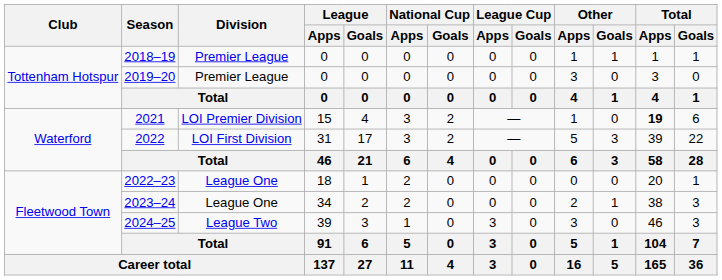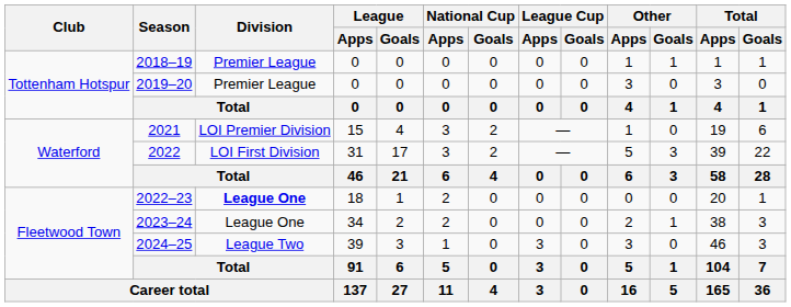 <table class="wikitable" style="text-align:center">
 <tr>
 <th rowspan="2">Club</th>
 <th rowspan="2">Season</th>
 <th rowspan="2">Division</th>
 <th colspan="2">League</th>
 <th colspan="2">National Cup</th>
 <th colspan="2">League Cup</th>
 <th colspan="2">Other</th>
 <th colspan="2">Total</th>
 </tr>
 <tr>
 <th>Apps</th>
 <th>Goals</th>
 <th>Apps</th>
 <th>Goals</th>
 <th>Apps</th>
 <th>Goals</th>
 <th>Apps</th>
 <th>Goals</th>
 <th>Apps</th>
 <th>Goals</th>
 </tr>
 <tr>
 <td rowspan="3"><a href='#'>Tottenham Hotspur</a></td>
 <td><a href='#'>2018–19</a></td>
 <td><a href='#'>Premier League</a></td>
 <td>0</td>
 <td>0</td>
 <td>0</td>
 <td>0</td>
 <td>0</td>
 <td>0</td>
 <td>1</td>
 <td>1</td>
 <td>1</td>
 <td>1</td>
 </tr>
 <tr>
 <td><a href='#'>2019–20</a></td>
 <td>Premier League</td>
 <td>0</td>
 <td>0</td>
 <td>0</td>
 <td>0</td>
 <td>0</td>
 <td>0</td>
 <td>3</td>
 <td>0</td>
 <td>3</td>
 <td>0</td>
 </tr>
 <tr>
 <th colspan="2">Total</th>
 <th>0</th>
 <th>0</th>
 <th>0</th>
 <th>0</th>
 <th>0</th>
 <th>0</th>
 <th>4</th>
 <th>1</th>
 <th>4</th>
 <th>1</th>
 </tr>
 <tr>
 <td rowspan="3"><a href='#'>Waterford</a></td>
 <td><a href='#'>2021</a></td>
 <td><a href='#'>LOI Premier Division</a></td>
 <td>15</td>
 <td>4</td>
 <td>3</td>
 <td>2</td>
 <td colspan="2">—</td>
 <td>1</td>
 <td>0</td>
-<td><strong>19</strong></td>
+<td>19</td>
 <td>6</td>
 </tr>
 <tr>
 <td><a href='#'>2022</a></td>
 <td><a href='#'>LOI First Division</a></td>
 <td>31</td>
 <td>17</td>
 <td>3</td>
 <td>2</td>
 <td colspan="2">—</td>
 <td>5</td>
 <td>3</td>
 <td>39</td>
 <td>22</td>
 </tr>
 <tr>
 <th colspan="2">Total</th>
 <th>46</th>
 <th>21</th>
 <th>6</th>
 <th>4</th>
 <th>0</th>
 <th>0</th>
 <th>6</th>
 <th>3</th>
 <th>58</th>
 <th>28</th>
 </tr>
 <tr>
 <td rowspan="4"><a href='#'>Fleetwood Town</a></td>
 <td><a href='#'>2022–23</a></td>
-<td><a href='#'>League One</a></td>
+<td><strong><a href='#'>League One</a></strong></td>
 <td>18</td>
 <td>1</td>
 <td>2</td>
 <td>0</td>
 <td>0</td>
 <td>0</td>
 <td>0</td>
 <td>0</td>
 <td>20</td>
 <td>1</td>
 </tr>
 <tr>
 <td><a href='#'>2023–24</a></td>
 <td>League One</td>
 <td>34</td>
 <td>2</td>
 <td>2</td>
 <td>0</td>
 <td>0</td>
 <td>0</td>
 <td>2</td>
 <td>1</td>
 <td>38</td>
 <td>3</td>
 </tr>
 <tr>
 <td><a href='#'>2024–25</a></td>
 <td><a href='#'>League Two</a></td>
 <td>39</td>
 <td>3</td>
 <td>1</td>
 <td>0</td>
 <td>3</td>
 <td>0</td>
 <td>3</td>
 <td>0</td>
 <td>46</td>
 <td>3</td>
 </tr>
 <tr>
 <th colspan="2">Total</th>
 <th>91</th>
 <th>6</th>
 <th>5</th>
 <th>0</th>
 <th>3</th>
 <th>0</th>
 <th>5</th>
 <th>1</th>
 <th>104</th>
 <th>7</th>
 </tr>
 <tr>
 <th colspan="3">Career total</th>
 <th>137</th>
 <th>27</th>
 <th>11</th>
 <th>4</th>
 <th>3</th>
 <th>0</th>
 <th>16</th>
 <th>5</th>
 <th>165</th>
 <th>36</th>
 </tr>
 </table>
